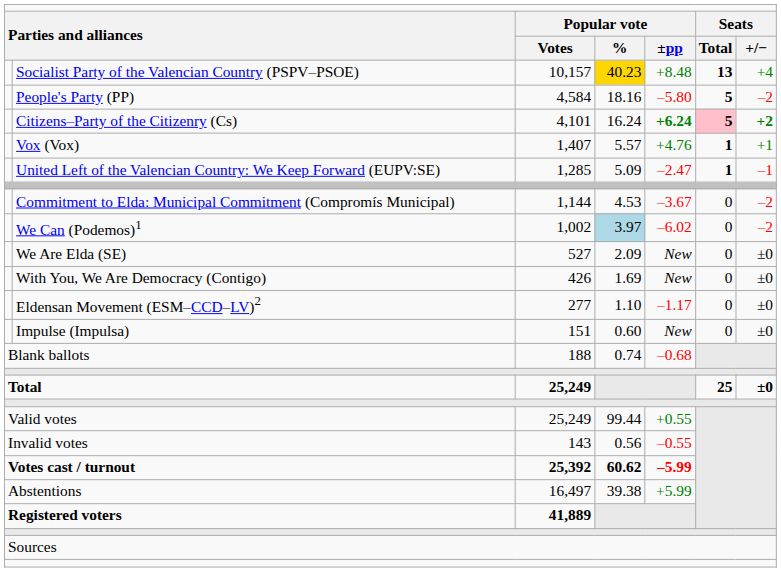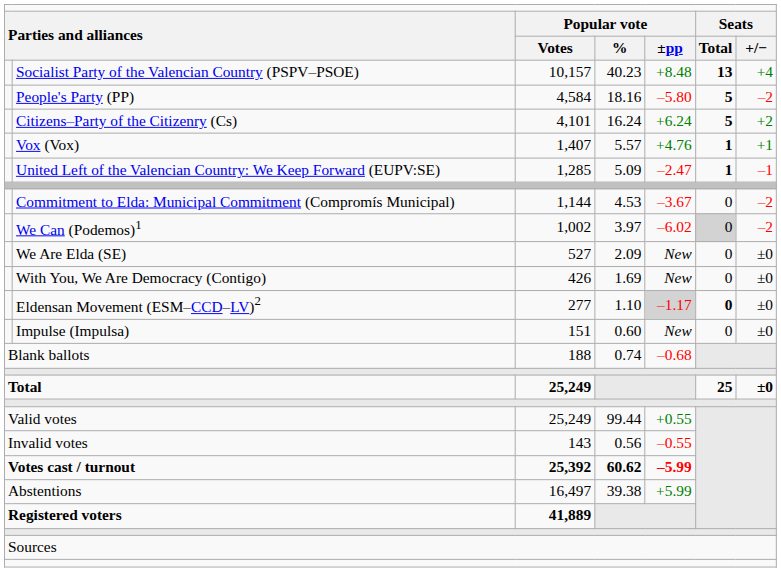 <table class="wikitable" style="text-align:right;">
 <tr>
 <td colspan="7"></td>
 </tr>
 <tr>
 <th style="text-align:left;" rowspan="2" colspan="2" width="525">Parties and alliances</th>
 <th colspan="3">Popular vote</th>
 <th colspan="2">Seats</th>
 </tr>
 <tr>
 <th width="75">Votes</th>
 <th width="45">%</th>
 <th width="45">±<a href='#'>pp</a></th>
 <th width="35">Total</th>
 <th width="35">+/−</th>
 </tr>
 <tr>
 <td width="1" style="color:inherit;background:"></td>
 <td align="left"><a href='#'>Socialist Party of the Valencian Country</a> (PSPV–PSOE)</td>
 <td>10,157</td>
-<td style="background: gold;">40.23</td>
+<td>40.23</td>
 <td style="color:green;">+8.48</td>
 <td><strong>13</strong></td>
 <td style="color:green;">+4</td>
 </tr>
 <tr>
 <td style="color:inherit;background:"></td>
 <td align="left"><a href='#'>People's Party</a> (PP)</td>
 <td>4,584</td>
 <td>18.16</td>
 <td style="color:red;">–5.80</td>
 <td><strong>5</strong></td>
 <td style="color:red;">–2</td>
 </tr>
 <tr>
 <td style="color:inherit;background:"></td>
 <td align="left"><a href='#'>Citizens–Party of the Citizenry</a> (Cs)</td>
 <td>4,101</td>
 <td>16.24</td>
-<td style="color:green;"><strong>+6.24</strong></td>
-<td style="background: pink;"><strong>5</strong></td>
-<td style="color:green;"><strong>+2</strong></td>
+<td style="color:green;">+6.24</td>
+<td><strong>5</strong></td>
+<td style="color:green;">+2</td>
 </tr>
 <tr>
 <td style="color:inherit;background:"></td>
 <td align="left"><a href='#'>Vox</a> (Vox)</td>
 <td>1,407</td>
 <td>5.57</td>
 <td style="color:green;">+4.76</td>
 <td><strong>1</strong></td>
 <td style="color:green;">+1</td>
 </tr>
 <tr>
 <td style="color:inherit;background:"></td>
 <td align="left"><a href='#'>United Left of the Valencian Country: We Keep Forward</a> (EUPV:SE)</td>
 <td>1,285</td>
 <td>5.09</td>
 <td style="color:red;">–2.47</td>
 <td><strong>1</strong></td>
 <td style="color:red;">–1</td>
 </tr>
 <tr>
 <td colspan="7" bgcolor="#C0C0C0"></td>
 </tr>
 <tr>
 <td style="color:inherit;background:"></td>
 <td align="left"><a href='#'>Commitment to Elda: Municipal Commitment</a> (Compromís Municipal)</td>
 <td>1,144</td>
 <td>4.53</td>
 <td style="color:red;">–3.67</td>
 <td>0</td>
 <td style="color:red;">–2</td>
 </tr>
 <tr>
 <td style="color:inherit;background:"></td>
 <td align="left"><a href='#'>We Can</a> (Podemos)<sup>1</sup></td>
 <td>1,002</td>
-<td style="background: lightblue;">3.97</td>
+<td>3.97</td>
 <td style="color:red;">–6.02</td>
-<td>0</td>
+<td style="background: lightgrey;">0</td>
 <td style="color:red;">–2</td>
 </tr>
 <tr>
 <td style="color:inherit;background:"></td>
 <td align="left">We Are Elda (SE)</td>
 <td>527</td>
 <td>2.09</td>
 <td><em>New</em></td>
 <td>0</td>
 <td>±0</td>
 </tr>
 <tr>
 <td style="color:inherit;background:"></td>
 <td align="left">With You, We Are Democracy (Contigo)</td>
 <td>426</td>
 <td>1.69</td>
 <td><em>New</em></td>
 <td>0</td>
 <td>±0</td>
 </tr>
 <tr>
 <td style="color:inherit;background:"></td>
 <td align="left">Eldensan Movement (ESM–<a href='#'>CCD</a>–<a href='#'>LV</a>)<sup>2</sup></td>
 <td>277</td>
 <td>1.10</td>
-<td style="color:red;">–1.17</td>
-<td>0</td>
+<td style="background: lightgrey; color:red;">–1.17</td>
+<td><strong>0</strong></td>
 <td>±0</td>
 </tr>
 <tr>
 <td style="color:inherit;background:"></td>
 <td align="left">Impulse (Impulsa)</td>
 <td>151</td>
 <td>0.60</td>
 <td><em>New</em></td>
 <td>0</td>
 <td>±0</td>
 </tr>
 <tr>
 <td align="left" colspan="2">Blank ballots</td>
 <td>188</td>
 <td>0.74</td>
 <td style="color:red;">–0.68</td>
 <td bgcolor="#E9E9E9" colspan="2"></td>
 </tr>
 <tr>
 <td colspan="7" bgcolor="#E9E9E9"></td>
 </tr>
 <tr style="font-weight:bold;">
 <td align="left" colspan="2">Total</td>
 <td>25,249</td>
 <td bgcolor="#E9E9E9" colspan="2"></td>
 <td>25</td>
 <td>±0</td>
 </tr>
 <tr>
 <td colspan="7" bgcolor="#E9E9E9"></td>
 </tr>
 <tr>
 <td align="left" colspan="2">Valid votes</td>
 <td>25,249</td>
 <td>99.44</td>
 <td style="color:green;">+0.55</td>
 <td bgcolor="#E9E9E9" colspan="2" rowspan="5"></td>
 </tr>
 <tr>
 <td align="left" colspan="2">Invalid votes</td>
 <td>143</td>
 <td>0.56</td>
 <td style="color:red;">–0.55</td>
 </tr>
 <tr style="font-weight:bold;">
 <td align="left" colspan="2">Votes cast / turnout</td>
 <td>25,392</td>
 <td>60.62</td>
 <td style="color:red;">–5.99</td>
 </tr>
 <tr>
 <td align="left" colspan="2">Abstentions</td>
 <td>16,497</td>
 <td>39.38</td>
 <td style="color:green;">+5.99</td>
 </tr>
 <tr style="font-weight:bold;">
 <td align="left" colspan="2">Registered voters</td>
 <td>41,889</td>
 <td bgcolor="#E9E9E9" colspan="2"></td>
 </tr>
 <tr>
 <td colspan="7" bgcolor="#E9E9E9"></td>
 </tr>
 <tr>
 <td align="left" colspan="7">Sources</td>
 </tr>
 <tr>
 <td colspan="7" style="text-align:left; max-width:790px;"></td>
 </tr>
 </table>
